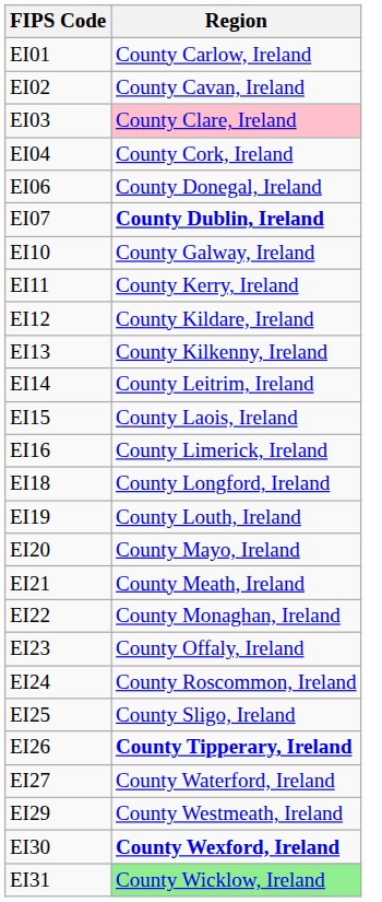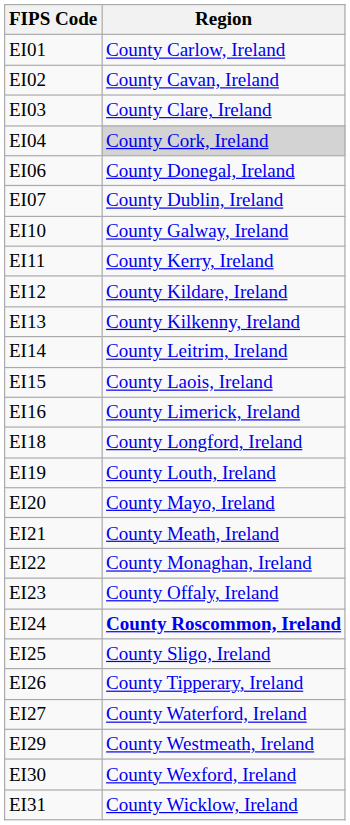 <table class="wikitable">
 <tr>
 <th>FIPS Code</th>
 <th>Region</th>
 </tr>
 <tr>
 <td>EI01</td>
 <td><a href='#'>County Carlow, Ireland</a></td>
 </tr>
 <tr>
 <td>EI02</td>
 <td><a href='#'>County Cavan, Ireland</a></td>
 </tr>
 <tr>
 <td>EI03</td>
-<td style="background: pink;"><a href='#'>County Clare, Ireland</a></td>
+<td><a href='#'>County Clare, Ireland</a></td>
 </tr>
 <tr>
 <td>EI04</td>
-<td><a href='#'>County Cork, Ireland</a></td>
+<td style="background: lightgrey;"><a href='#'>County Cork, Ireland</a></td>
 </tr>
 <tr>
 <td>EI06</td>
 <td><a href='#'>County Donegal, Ireland</a></td>
 </tr>
 <tr>
 <td>EI07</td>
-<td><strong><a href='#'>County Dublin, Ireland</a></strong></td>
+<td><a href='#'>County Dublin, Ireland</a></td>
 </tr>
 <tr>
 <td>EI10</td>
 <td><a href='#'>County Galway, Ireland</a></td>
 </tr>
 <tr>
 <td>EI11</td>
 <td><a href='#'>County Kerry, Ireland</a></td>
 </tr>
 <tr>
 <td>EI12</td>
 <td><a href='#'>County Kildare, Ireland</a></td>
 </tr>
 <tr>
 <td>EI13</td>
 <td><a href='#'>County Kilkenny, Ireland</a></td>
 </tr>
 <tr>
 <td>EI14</td>
 <td><a href='#'>County Leitrim, Ireland</a></td>
 </tr>
 <tr>
 <td>EI15</td>
 <td><a href='#'>County Laois, Ireland</a></td>
 </tr>
 <tr>
 <td>EI16</td>
 <td><a href='#'>County Limerick, Ireland</a></td>
 </tr>
 <tr>
 <td>EI18</td>
 <td><a href='#'>County Longford, Ireland</a></td>
 </tr>
 <tr>
 <td>EI19</td>
 <td><a href='#'>County Louth, Ireland</a></td>
 </tr>
 <tr>
 <td>EI20</td>
 <td><a href='#'>County Mayo, Ireland</a></td>
 </tr>
 <tr>
 <td>EI21</td>
 <td><a href='#'>County Meath, Ireland</a></td>
 </tr>
 <tr>
 <td>EI22</td>
 <td><a href='#'>County Monaghan, Ireland</a></td>
 </tr>
 <tr>
 <td>EI23</td>
 <td><a href='#'>County Offaly, Ireland</a></td>
 </tr>
 <tr>
 <td>EI24</td>
-<td><a href='#'>County Roscommon, Ireland</a></td>
+<td><strong><a href='#'>County Roscommon, Ireland</a></strong></td>
 </tr>
 <tr>
 <td>EI25</td>
 <td><a href='#'>County Sligo, Ireland</a></td>
 </tr>
 <tr>
 <td>EI26</td>
-<td><strong><a href='#'>County Tipperary, Ireland</a></strong></td>
+<td><a href='#'>County Tipperary, Ireland</a></td>
 </tr>
 <tr>
 <td>EI27</td>
 <td><a href='#'>County Waterford, Ireland</a></td>
 </tr>
 <tr>
 <td>EI29</td>
 <td><a href='#'>County Westmeath, Ireland</a></td>
 </tr>
 <tr>
 <td>EI30</td>
-<td><strong><a href='#'>County Wexford, Ireland</a></strong></td>
+<td><a href='#'>County Wexford, Ireland</a></td>
 </tr>
 <tr>
 <td>EI31</td>
-<td style="background: lightgreen;"><a href='#'>County Wicklow, Ireland</a></td>
+<td><a href='#'>County Wicklow, Ireland</a></td>
 </tr>
 </table>
